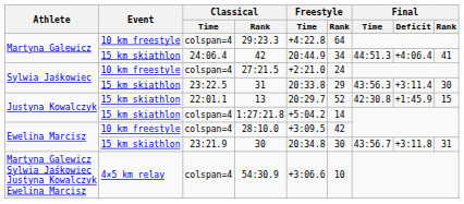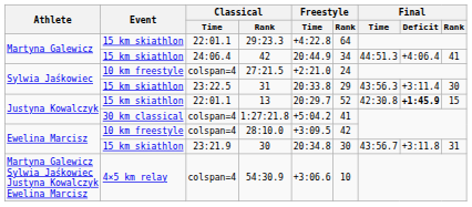 <table class="wikitable" style="font-size:90%">
 <tr>
 <th rowspan=2>Athlete</th>
 <th rowspan=2>Event</th>
 <th colspan=2>Classical</th>
 <th colspan=2>Freestyle</th>
 <th colspan=3>Final</th>
 </tr>
 <tr style="font-size: 95%">
 <th>Time</th>
 <th>Rank</th>
 <th>Time</th>
 <th>Rank</th>
 <th>Time</th>
 <th>Deficit</th>
 <th>Rank</th>
 </tr>
 <tr align=center>
 <td align=left rowspan=2><a href='#'>Martyna Galewicz</a></td>
-<td align=left><a href='#'>10 km freestyle</a></td>
-<td>colspan=4 </td>
+<td align=left><a href='#'>15 km skiathlon</a></td>
+<td>22:01.1</td>
 <td>29:23.3</td>
 <td>+4:22.8</td>
 <td>64</td>
 </tr>
 <tr align=center>
 <td align=left><a href='#'>15 km skiathlon</a></td>
 <td>24:06.4</td>
 <td>42</td>
 <td>20:44.9</td>
 <td>34</td>
 <td>44:51.3</td>
 <td>+4:06.4</td>
 <td>41</td>
 </tr>
 <tr align=center>
 <td align=left rowspan=2><a href='#'>Sylwia Jaśkowiec</a></td>
 <td align=left><a href='#'>10 km freestyle</a></td>
 <td>colspan=4 </td>
 <td>27:21.5</td>
 <td>+2:21.0</td>
 <td>24</td>
 </tr>
 <tr align=center>
 <td align=left><a href='#'>15 km skiathlon</a></td>
 <td>23:22.5</td>
 <td>31</td>
 <td>20:33.8</td>
 <td>29</td>
 <td>43:56.3</td>
 <td>+3:11.4</td>
 <td>30</td>
 </tr>
 <tr align=center>
 <td align=left rowspan=2><a href='#'>Justyna Kowalczyk</a></td>
 <td align=left><a href='#'>15 km skiathlon</a></td>
 <td>22:01.1</td>
 <td>13</td>
 <td>20:29.7</td>
 <td>52</td>
 <td>42:30.8</td>
-<td>+1:45.9</td>
+<td><strong>+1:45.9</strong></td>
 <td>15</td>
 </tr>
 <tr align=center>
-<td align=left><a href='#'>15 km skiathlon</a></td>
+<td align=left><a href='#'>30 km classical</a></td>
 <td>colspan=4 </td>
 <td>1:27:21.8</td>
 <td>+5:04.2</td>
-<td>14</td>
+<td>41</td>
 </tr>
 <tr align=center>
 <td align=left rowspan=2><a href='#'>Ewelina Marcisz</a></td>
 <td align=left><a href='#'>10 km freestyle</a></td>
 <td>colspan=4 </td>
 <td>28:10.0</td>
 <td>+3:09.5</td>
 <td>42</td>
 </tr>
 <tr align=center>
 <td align=left><a href='#'>15 km skiathlon</a></td>
 <td>23:21.9</td>
 <td>30</td>
 <td>20:34.8</td>
 <td>30</td>
 <td>43:56.7</td>
 <td>+3:11.8</td>
 <td>31</td>
 </tr>
 <tr align=center>
 <td align=left><a href='#'>Martyna Galewicz</a><br><a href='#'>Sylwia Jaśkowiec</a><br><a href='#'>Justyna Kowalczyk</a><br><a href='#'>Ewelina Marcisz</a></td>
 <td align=left><a href='#'>4×5 km relay</a></td>
 <td>colspan=4 </td>
 <td>54:30.9</td>
 <td>+3:06.6</td>
 <td>10</td>
 </tr>
 </table>
